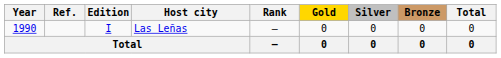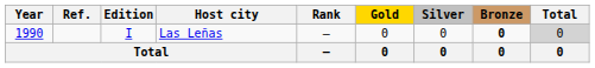 <table class="wikitable sortable" style="text-align:center;">
 <tr>
 <th scope="col"> Year </th>
 <th scope="col" class="unsortable"> Ref. </th>
 <th scope="col">Edition</th>
 <th scope="col" style="width:150px;">Host city</th>
 <th scope="col" style="width:4.5em;"> Rank </th>
 <th scope="col" style="width:4.5em; background:gold">Gold</th>
 <th scope="col" style="width:4.5em; background:silver">Silver</th>
 <th scope="col" style="width:4.5em; background:#cc9966">Bronze</th>
 <th scope="col" style="width:4.5em;">Total</th>
 </tr>
 <tr>
 <td><a href='#'>1990</a></td>
 <td></td>
 <td><a href='#'>I</a></td>
 <td align=left> <a href='#'>Las Leñas</a></td>
 <td>—</td>
 <td>0</td>
 <td>0</td>
-<td>0</td>
-<td>0</td>
+<td><strong>0</strong></td>
+<td style="background: lightgrey;">0</td>
 </tr>
 <tr class="sortbottom">
 <th colspan=4>Total</th>
 <th>—</th>
 <th>0</th>
 <th>0</th>
 <th>0</th>
 <th>0</th>
 </tr>
 </table>
